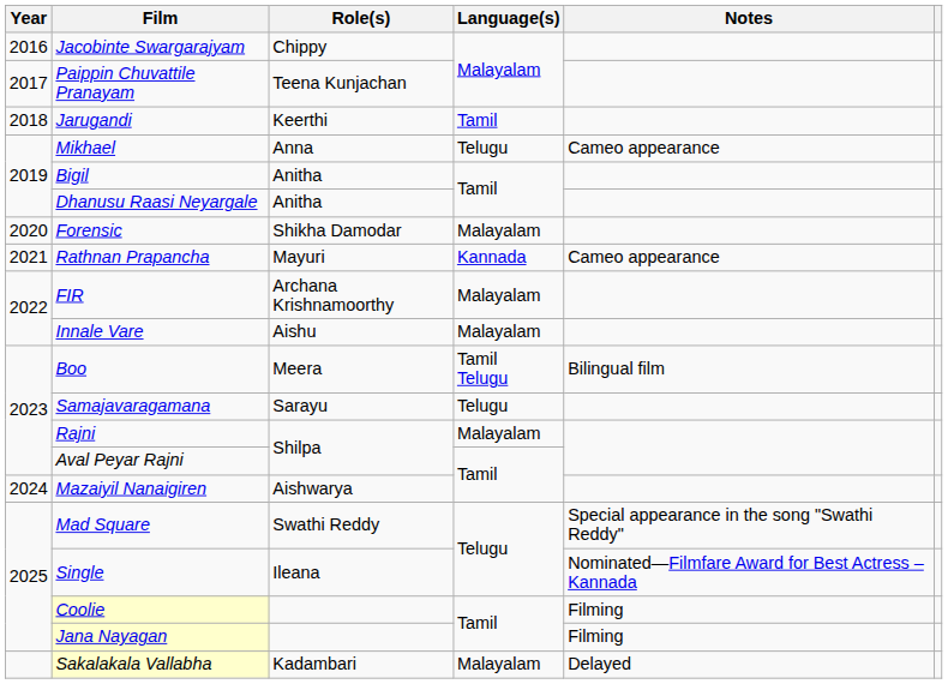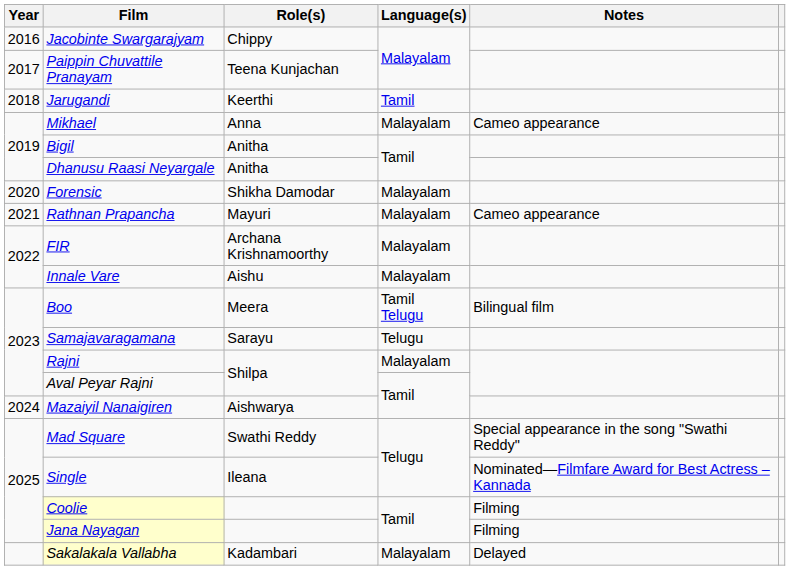 <table class="wikitable" style="text-align:left;">
 <tr>
 <th>Year</th>
 <th>Film</th>
 <th>Role(s)</th>
 <th>Language(s)</th>
 <th>Notes</th>
 <th></th>
 </tr>
 <tr>
 <td>2016</td>
 <td><em><a href='#'>Jacobinte Swargarajyam</a></em></td>
 <td>Chippy</td>
 <td rowspan=2><a href='#'>Malayalam</a></td>
 <td></td>
 <td></td>
 </tr>
 <tr>
 <td>2017</td>
 <td><em><a href='#'>Paippin Chuvattile Pranayam</a></em></td>
 <td>Teena Kunjachan</td>
 <td></td>
 <td></td>
 </tr>
 <tr>
 <td>2018</td>
 <td><em><a href='#'>Jarugandi</a></em></td>
 <td>Keerthi</td>
 <td><a href='#'>Tamil</a></td>
 <td></td>
 <td></td>
 </tr>
 <tr>
 <td rowspan=3>2019</td>
 <td><em><a href='#'>Mikhael</a></em></td>
 <td>Anna</td>
-<td>Telugu</td>
+<td>Malayalam</td>
 <td>Cameo appearance</td>
 <td></td>
 </tr>
 <tr>
 <td><em><a href='#'>Bigil</a></em></td>
 <td>Anitha</td>
 <td rowspan=2>Tamil</td>
 <td></td>
 <td></td>
 </tr>
 <tr>
 <td><em><a href='#'>Dhanusu Raasi Neyargale</a></em></td>
 <td>Anitha</td>
 <td></td>
 <td></td>
 </tr>
 <tr>
 <td>2020</td>
 <td><em><a href='#'>Forensic</a></em></td>
 <td>Shikha Damodar</td>
 <td>Malayalam</td>
 <td></td>
 <td></td>
 </tr>
 <tr>
 <td>2021</td>
 <td><em><a href='#'>Rathnan Prapancha</a></em></td>
 <td>Mayuri</td>
-<td><a href='#'>Kannada</a></td>
+<td>Malayalam</td>
 <td>Cameo appearance</td>
 <td></td>
 </tr>
 <tr>
 <td rowspan="2">2022</td>
 <td><em><a href='#'>FIR</a></em></td>
 <td>Archana Krishnamoorthy</td>
 <td>Malayalam</td>
 <td></td>
 <td></td>
 </tr>
 <tr>
 <td><em><a href='#'>Innale Vare</a></em></td>
 <td>Aishu</td>
 <td>Malayalam</td>
 <td></td>
 <td></td>
 </tr>
 <tr>
 <td rowspan="4">2023</td>
 <td><em><a href='#'>Boo</a></em></td>
 <td>Meera</td>
 <td>Tamil<br><a href='#'>Telugu</a></td>
 <td>Bilingual film</td>
 <td></td>
 </tr>
 <tr>
 <td><em><a href='#'>Samajavaragamana</a></em></td>
 <td>Sarayu</td>
 <td>Telugu</td>
 <td></td>
 <td></td>
 </tr>
 <tr>
 <td><em><a href='#'>Rajni</a></em></td>
 <td rowspan="2">Shilpa</td>
 <td>Malayalam</td>
 <td rowspan="2"></td>
 <td rowspan="2"></td>
 </tr>
 <tr>
 <td><em>Aval Peyar Rajni</em></td>
 <td rowspan=2>Tamil</td>
 </tr>
 <tr>
 <td>2024</td>
 <td><em><a href='#'>Mazaiyil Nanaigiren</a></em></td>
 <td>Aishwarya</td>
 <td></td>
 <td></td>
 </tr>
 <tr>
 <td rowspan="4">2025</td>
 <td><em><a href='#'>Mad Square</a></em></td>
 <td>Swathi Reddy</td>
 <td rowspan=2>Telugu</td>
 <td>Special appearance in the song "Swathi Reddy"</td>
 <td></td>
 </tr>
 <tr>
 <td><em><a href='#'>Single</a></em></td>
 <td>Ileana</td>
 <td>Nominated—<a href='#'>Filmfare Award for Best Actress – Kannada</a></td>
 <td></td>
 </tr>
 <tr>
 <td style="background:#ffc;"><em><a href='#'>Coolie</a></em> </td>
 <td></td>
 <td rowspan=2>Tamil</td>
 <td>Filming</td>
 <td></td>
 </tr>
 <tr>
 <td Style="background:#ffc;"><em><a href='#'>Jana Nayagan</a></em> </td>
 <td></td>
 <td>Filming</td>
 <td></td>
 </tr>
 <tr>
 <td></td>
 <td style="background:#ffc;"><em>Sakalakala Vallabha</em> </td>
 <td>Kadambari</td>
 <td>Malayalam</td>
 <td>Delayed</td>
 <td></td>
 </tr>
 </table>
